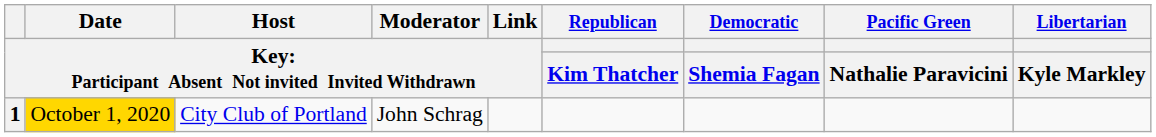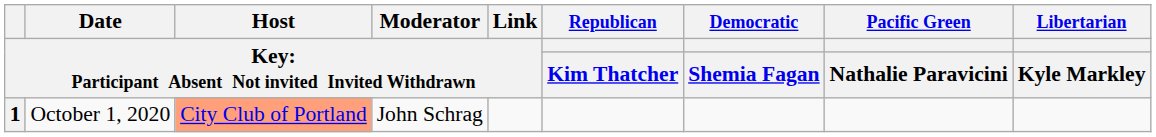 <table class="wikitable" style="text-align:center;">
 <tr>
 <th scope="col"></th>
 <th scope="col">Date</th>
 <th scope="col">Host</th>
 <th scope="col">Moderator</th>
 <th scope="col">Link</th>
 <th scope="col"><small><a href='#'>Republican</a></small></th>
 <th scope="col"><small><a href='#'>Democratic</a></small></th>
 <th scope="col"><small><a href='#'>Pacific Green</a></small></th>
 <th scope="col"><small><a href='#'>Libertarian</a></small></th>
 </tr>
 <tr>
 <th colspan="5" rowspan="2">Key:<br> <small>Participant </small>  <small>Absent </small>  <small>Not invited </small>  <small>Invited  Withdrawn</small></th>
 <th scope="col" style="background:"></th>
 <th scope="col" style="background:"></th>
 <th scope="col" style="background:"></th>
 <th scope="col" style="background:"></th>
 </tr>
 <tr>
 <th scope="col"><a href='#'>Kim Thatcher</a></th>
 <th scope="col"><a href='#'>Shemia Fagan</a></th>
 <th scope="col">Nathalie Paravicini</th>
 <th scope="col">Kyle Markley</th>
 </tr>
 <tr>
 <th>1</th>
-<td style="background: gold; white-space:nowrap;">October 1, 2020</td>
-<td style="white-space:nowrap;"><a href='#'>City Club of Portland</a></td>
+<td style="white-space:nowrap;">October 1, 2020</td>
+<td style="background: lightsalmon; white-space:nowrap;"><a href='#'>City Club of Portland</a></td>
 <td style="white-space:nowrap;">John Schrag</td>
 <td style="white-space:nowrap;"></td>
 <td></td>
 <td></td>
 <td></td>
 <td></td>
 </tr>
 </table>
